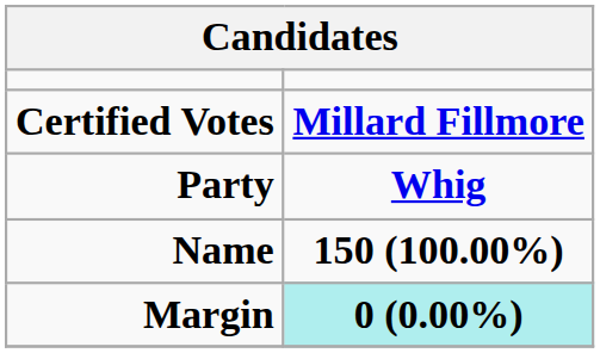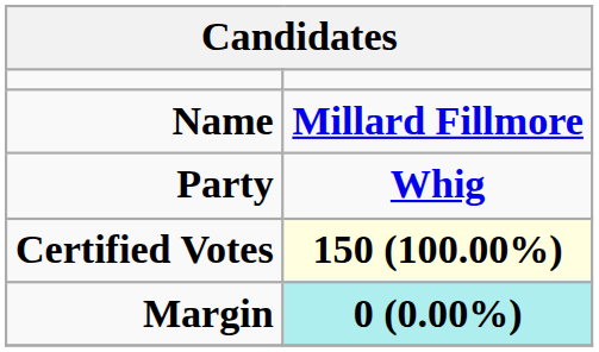 <table border='1px' class="wikitable" style="text-align:center;">
 <tr>
 <th colspan=2><strong>Candidates</strong></th>
 </tr>
 <tr>
 <td></td>
 <td></td>
 </tr>
 <tr>
-<td align=right><strong>Certified Votes</strong></td>
+<td align=right><strong>Name</strong></td>
 <td><strong><a href='#'>Millard Fillmore</a></strong></td>
 </tr>
 <tr>
 <td align=right><strong>Party</strong></td>
 <td><strong><a href='#'>Whig</a></strong></td>
 </tr>
 <tr>
-<td align=right><strong>Name</strong></td>
-<td><strong>150 (100.00%)</strong></td>
+<td align=right><strong>Certified Votes</strong></td>
+<td style="background: lightyellow;"><strong>150 (100.00%)</strong></td>
 </tr>
 <tr>
 <td align=right><strong>Margin</strong></td>
 <td style="background: paleturquoise;"><strong>0 (0.00%)</strong></td>
 </tr>
 <tr>
 </tr>
 </table>
